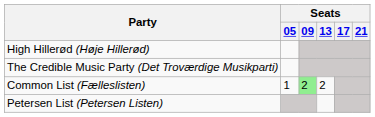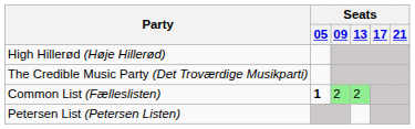 <table class="wikitable">
 <tr>
 <th rowspan=2>Party</th>
 <th colspan=11>Seats</th>
 </tr>
 <tr>
 <th><a href='#'>05</a></th>
 <th><a href='#'>09</a></th>
 <th><a href='#'>13</a></th>
 <th><a href='#'>17</a></th>
 <th><a href='#'>21</a></th>
 </tr>
 <tr>
 <td>High Hillerød <em>(Høje Hillerød)</em></td>
 <td></td>
 <td style="background:#CDC9C9;" colspan=4></td>
 </tr>
 <tr>
 <td>The Credible Music Party <em>(Det Troværdige Musikparti)</em></td>
 <td></td>
 <td style="background:#CDC9C9;" colspan=4></td>
 </tr>
 <tr>
 <td>Common List <em>(Fælleslisten)</em></td>
-<td>1</td>
+<td><strong>1</strong></td>
 <td style="background: lightgreen;">2</td>
-<td>2</td>
+<td style="background: lightgreen;">2</td>
 <td style="background:#CDC9C9;" colspan=2></td>
 </tr>
 <tr>
 <td>Petersen List <em>(Petersen Listen)</em></td>
 <td style="background:#CDC9C9;" colspan=2></td>
 <td></td>
 <td style="background:#CDC9C9;" colspan=2></td>
 </tr>
 </table>
